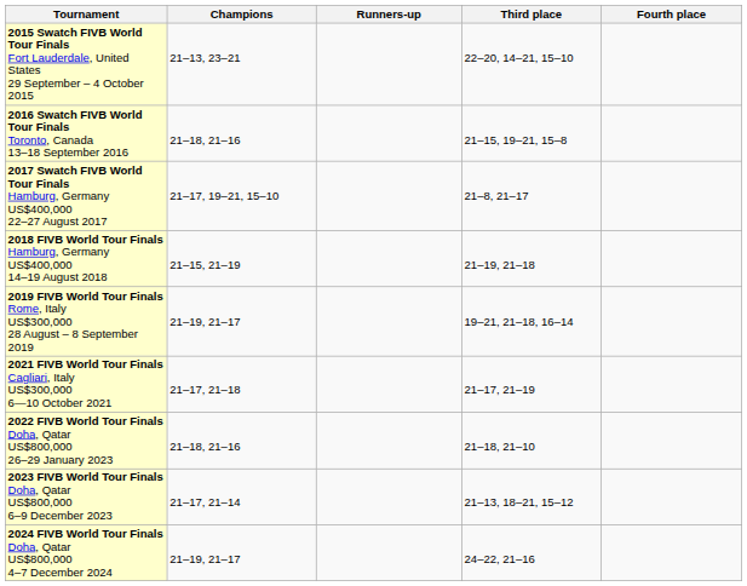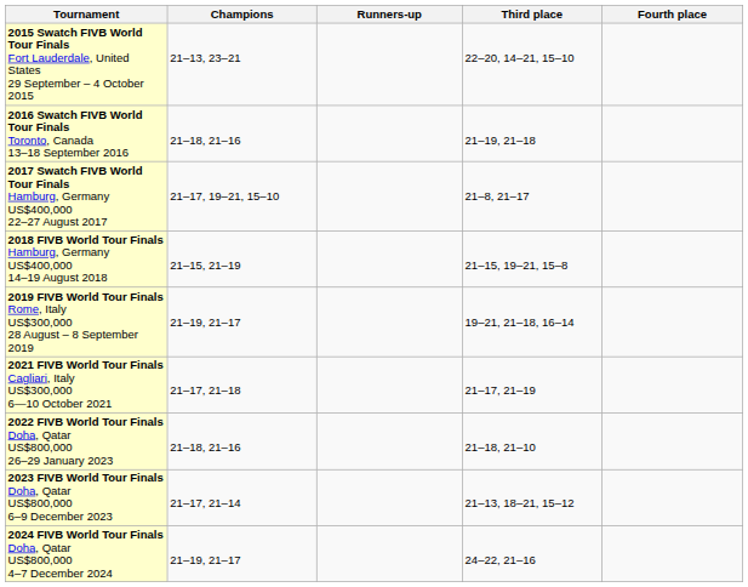 <table class=wikitable style=font-size:85%>
 <tr>
 <th width=230>Tournament</th>
 <th width=210>Champions</th>
 <th width=210>Runners-up</th>
 <th width=210>Third place</th>
 <th width=210>Fourth place</th>
 </tr>
 <tr valign=top>
 <td style="background:#ffffcc;"><strong>2015 Swatch FIVB World Tour Finals</strong><br><a href='#'>Fort Lauderdale</a>, United States<br>29 September – 4 October 2015</td>
 <td><br><br>21–13, 23–21</td>
 <td><br> </td>
 <td><br> <br> 22–20, 14–21, 15–10</td>
 <td><br> </td>
 </tr>
 <tr valign=top>
 <td style="background:#ffffcc;"><strong>2016 Swatch FIVB World Tour Finals</strong><br><a href='#'>Toronto</a>, Canada<br>13–18 September 2016</td>
 <td><br><br>21–18, 21–16</td>
 <td><br></td>
-<td><br><br>21–15, 19–21, 15–8</td>
+<td><br> <br>21–19, 21–18</td>
 <td><br></td>
 </tr>
 <tr valign=top>
 <td style="background:#ffffcc;"><strong>2017 Swatch FIVB World Tour Finals</strong><br><a href='#'>Hamburg</a>, Germany<br>US$400,000<br>22–27 August 2017</td>
 <td><br><br>21–17, 19–21, 15–10</td>
 <td><br></td>
 <td><br><br>21–8, 21–17</td>
 <td><br> </td>
 </tr>
 <tr valign=top>
 <td style="background:#ffffcc;"><strong>2018 FIVB World Tour Finals</strong><br><a href='#'>Hamburg</a>, Germany<br>US$400,000<br>14–19 August 2018</td>
 <td><br><br>21–15, 21–19</td>
 <td><br></td>
-<td><br> <br>21–19, 21–18</td>
+<td><br><br>21–15, 19–21, 15–8</td>
 <td><br> </td>
 </tr>
 <tr valign=top>
 <td style="background:#ffffcc;"><strong>2019 FIVB World Tour Finals</strong><br><a href='#'>Rome</a>, Italy<br>US$300,000<br>28 August – 8 September 2019</td>
 <td><br><br>21–19, 21–17</td>
 <td><br></td>
 <td><br><br>19–21, 21–18, 16–14</td>
 <td><br> </td>
 </tr>
 <tr valign=top>
 <td style="background:#ffffcc;"><strong>2021 FIVB World Tour Finals</strong><br><a href='#'>Cagliari</a>, Italy<br>US$300,000 <br>6—10 October 2021</td>
 <td><br><br>21–17, 21–18</td>
 <td><br></td>
 <td><br><br>21–17, 21–19</td>
 <td><br></td>
 </tr>
 <tr valign=top>
 <td style="background:#ffffcc;"><strong>2022 FIVB World Tour Finals</strong><br><a href='#'>Doha</a>, Qatar<br>US$800,000<br>26–29 January 2023</td>
 <td><br><br>21–18, 21–16</td>
 <td><br></td>
 <td><br><br>21–18, 21–10</td>
 <td><br></td>
 </tr>
 <tr valign=top>
 <td style="background:#ffffcc;"><strong>2023 FIVB World Tour Finals</strong><br><a href='#'>Doha</a>, Qatar<br>US$800,000<br>6–9 December 2023</td>
 <td><br><br>21–17, 21–14</td>
 <td><br></td>
 <td><br><br>21–13, 18–21, 15–12</td>
 <td><br></td>
 </tr>
 <tr valign=top>
 <td style="background:#ffffcc;"><strong>2024 FIVB World Tour Finals</strong><br><a href='#'>Doha</a>, Qatar<br>US$800,000<br>4–7 December 2024</td>
 <td><br><br>21–19, 21–17</td>
 <td><br></td>
 <td><br><br>24–22, 21–16</td>
 <td><br></td>
 </tr>
 </table>
